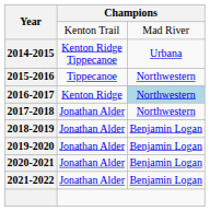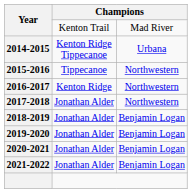 <table class="wikitable" style="text-align: center;">
 <tr>
 <th rowspan=2>Year</th>
 <th colspan=5>Champions</th>
 </tr>
 <tr>
 <td>Kenton Trail</td>
 <td>Mad River</td>
 </tr>
 <tr>
 <th>2014-2015</th>
 <td><a href='#'>Kenton Ridge</a><br><a href='#'>Tippecanoe</a></td>
 <td><a href='#'>Urbana</a></td>
 </tr>
 <tr>
 <th>2015-2016</th>
 <td><a href='#'>Tippecanoe</a></td>
 <td><a href='#'>Northwestern</a></td>
 </tr>
 <tr>
 <th>2016-2017</th>
 <td><a href='#'>Kenton Ridge</a></td>
-<td style="background: lightblue;"><a href='#'>Northwestern</a></td>
+<td><a href='#'>Northwestern</a></td>
 </tr>
 <tr>
 <th>2017-2018</th>
 <td><a href='#'>Jonathan Alder</a></td>
 <td><a href='#'>Northwestern</a></td>
 </tr>
 <tr>
 <th>2018-2019</th>
 <td><a href='#'>Jonathan Alder</a></td>
 <td><a href='#'>Benjamin Logan</a></td>
 </tr>
 <tr>
 <th>2019-2020</th>
 <td><a href='#'>Jonathan Alder</a></td>
 <td><a href='#'>Benjamin Logan</a></td>
 </tr>
 <tr>
 <th>2020-2021</th>
 <td><a href='#'>Jonathan Alder</a></td>
 <td><a href='#'>Benjamin Logan</a></td>
 </tr>
 <tr>
 <th>2021-2022</th>
 <td><a href='#'>Jonathan Alder</a></td>
 <td><a href='#'>Benjamin Logan</a></td>
 </tr>
 <tr>
 <th><br></th>
 </tr>
 </table>
